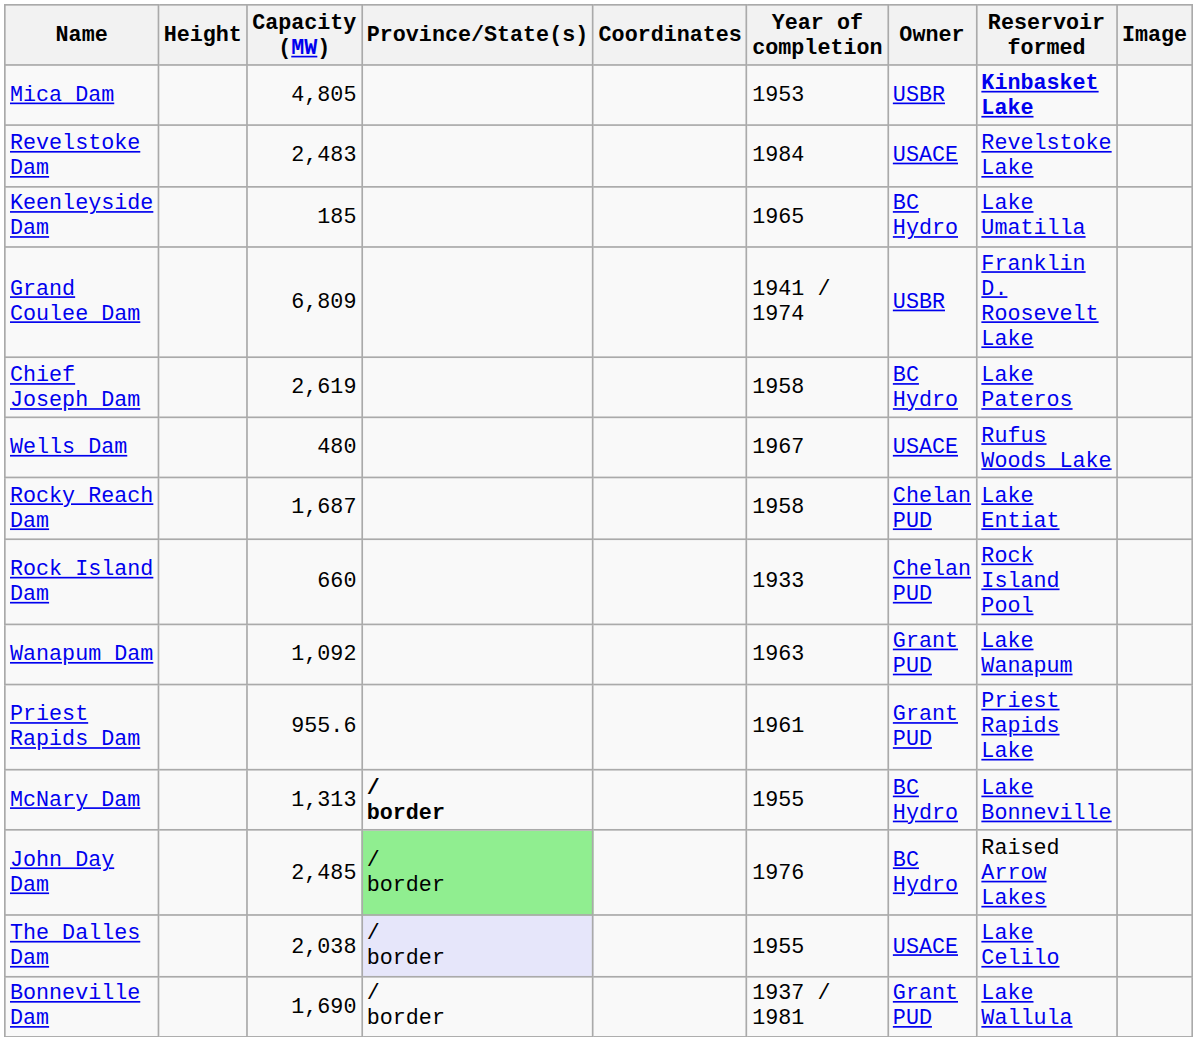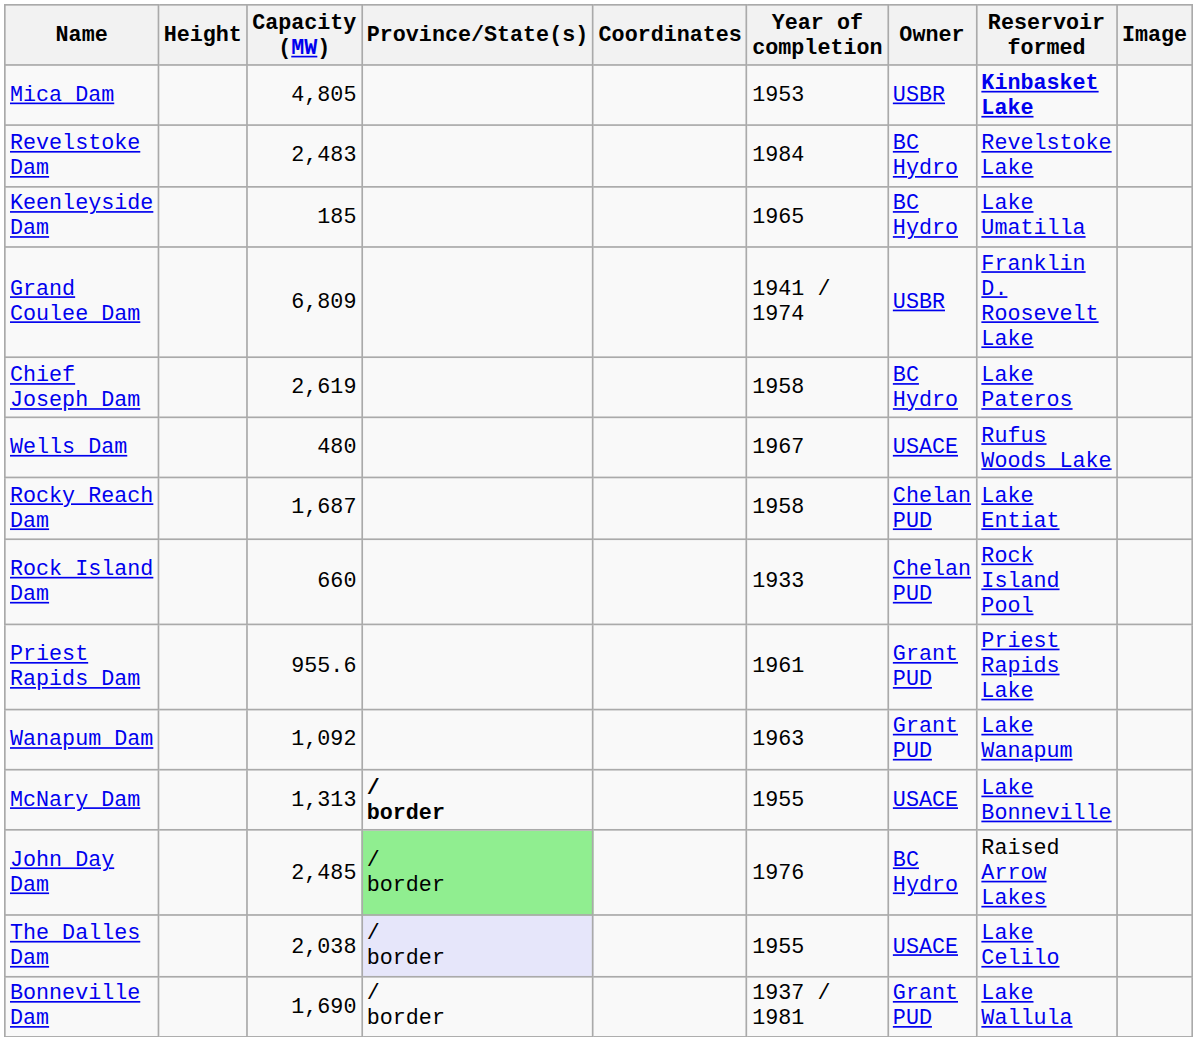 <table class="wikitable sortable" border="1">
 <tr>
 <th width="10%">Name</th>
 <th width="8%">Height</th>
 <th width="8%" data-sort-type="number">Capacity (<a href='#'>MW</a>)</th>
 <th width="15%">Province/State(s)</th>
 <th width="16%">Coordinates</th>
 <th width="10%">Year of completion</th>
 <th width="5%">Owner</th>
 <th width="10%">Reservoir formed</th>
 <th>Image</th>
 </tr>
 <tr>
 <td><a href='#'>Mica Dam</a></td>
 <td></td>
 <td align="right">4,805</td>
 <td></td>
 <td></td>
 <td>1953</td>
 <td><a href='#'>USBR</a></td>
 <td><strong><a href='#'>Kinbasket Lake</a></strong></td>
 <td></td>
 </tr>
 <tr>
 <td><a href='#'>Revelstoke Dam</a></td>
 <td></td>
 <td align="right">2,483</td>
 <td></td>
 <td></td>
 <td>1984</td>
-<td><a href='#'>USACE</a></td>
+<td><a href='#'>BC Hydro</a></td>
 <td><a href='#'>Revelstoke Lake</a></td>
 <td></td>
 </tr>
 <tr>
 <td><a href='#'>Keenleyside Dam</a></td>
 <td></td>
 <td align="right">185</td>
 <td></td>
 <td></td>
 <td>1965</td>
 <td><a href='#'>BC Hydro</a></td>
 <td><a href='#'>Lake Umatilla</a></td>
 <td></td>
 </tr>
 <tr>
 <td><a href='#'>Grand Coulee Dam</a></td>
 <td></td>
 <td align="right">6,809</td>
 <td></td>
 <td></td>
 <td>1941 / 1974 </td>
 <td><a href='#'>USBR</a></td>
 <td><a href='#'>Franklin D. Roosevelt Lake</a></td>
 <td></td>
 </tr>
 <tr>
 <td><a href='#'>Chief Joseph Dam</a></td>
 <td></td>
 <td align="right">2,619</td>
 <td></td>
 <td></td>
 <td>1958</td>
 <td><a href='#'>BC Hydro</a></td>
 <td><a href='#'>Lake Pateros</a></td>
 <td></td>
 </tr>
 <tr>
 <td><a href='#'>Wells Dam</a></td>
 <td></td>
 <td align="right">480</td>
 <td></td>
 <td></td>
 <td>1967</td>
 <td><a href='#'>USACE</a></td>
 <td><a href='#'>Rufus Woods Lake</a></td>
 <td></td>
 </tr>
 <tr>
 <td><a href='#'>Rocky Reach Dam</a></td>
 <td></td>
 <td align="right">1,687</td>
 <td></td>
 <td></td>
 <td>1958</td>
 <td><a href='#'>Chelan PUD</a></td>
 <td><a href='#'>Lake Entiat</a></td>
 <td></td>
 </tr>
 <tr>
 <td><a href='#'>Rock Island Dam</a></td>
 <td></td>
 <td align="right">660</td>
 <td></td>
 <td></td>
 <td>1933</td>
 <td><a href='#'>Chelan PUD</a></td>
 <td><a href='#'>Rock Island Pool</a></td>
 <td></td>
 </tr>
 <tr>
+<td><a href='#'>Priest Rapids Dam</a></td>
+<td></td>
+<td align="right">955.6</td>
+<td></td>
+<td></td>
+<td>1961</td>
+<td><a href='#'>Grant PUD</a></td>
+<td><a href='#'>Priest Rapids Lake</a></td>
+<td></td>
+</tr>
+<tr>
 <td><a href='#'>Wanapum Dam</a></td>
 <td></td>
 <td align="right">1,092</td>
 <td></td>
 <td></td>
 <td>1963</td>
 <td><a href='#'>Grant PUD</a></td>
 <td><a href='#'>Lake Wanapum</a></td>
 <td></td>
 </tr>
 <tr>
-<td><a href='#'>Priest Rapids Dam</a></td>
-<td></td>
-<td align="right">955.6</td>
-<td></td>
-<td></td>
-<td>1961</td>
-<td><a href='#'>Grant PUD</a></td>
-<td><a href='#'>Priest Rapids Lake</a></td>
-<td></td>
-</tr>
-<tr>
 <td><a href='#'>McNary Dam</a></td>
 <td></td>
 <td align="right">1,313</td>
 <td><strong> / <br>  border</strong></td>
 <td></td>
 <td>1955</td>
-<td><a href='#'>BC Hydro</a></td>
+<td><a href='#'>USACE</a></td>
 <td><a href='#'>Lake Bonneville</a></td>
 <td></td>
 </tr>
 <tr>
 <td><a href='#'>John Day Dam</a></td>
 <td></td>
 <td align="right">2,485</td>
 <td style="background: lightgreen;"> / <br>  border</td>
 <td></td>
 <td>1976</td>
 <td><a href='#'>BC Hydro</a></td>
 <td>Raised <a href='#'>Arrow Lakes</a></td>
 <td></td>
 </tr>
 <tr>
 <td><a href='#'>The Dalles Dam</a></td>
 <td></td>
 <td align="right">2,038</td>
 <td style="background: lavender;"> / <br>  border</td>
 <td></td>
 <td>1955</td>
 <td><a href='#'>USACE</a></td>
 <td><a href='#'>Lake Celilo</a></td>
 <td></td>
 </tr>
 <tr>
 <td><a href='#'>Bonneville Dam</a></td>
 <td></td>
 <td align="right">1,690</td>
 <td> / <br>  border</td>
 <td></td>
 <td>1937 / 1981 </td>
 <td><a href='#'>Grant PUD</a></td>
 <td><a href='#'>Lake Wallula</a></td>
 <td></td>
 </tr>
 </table>
